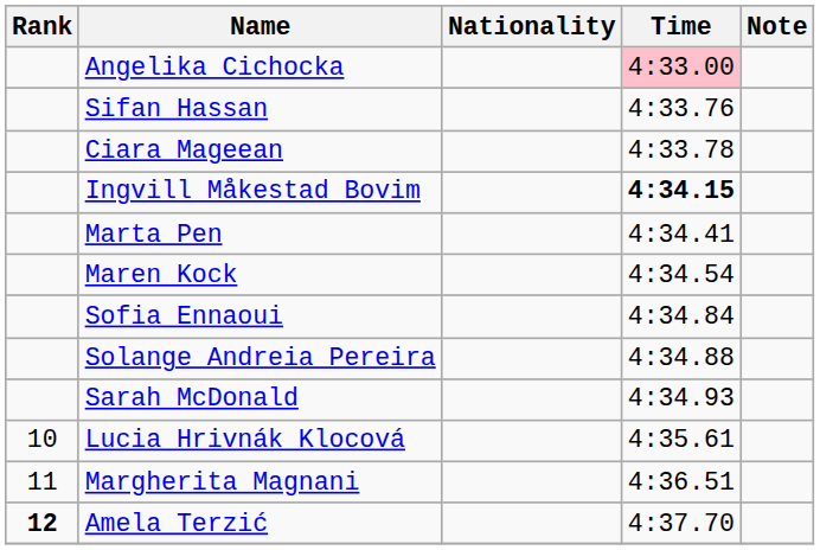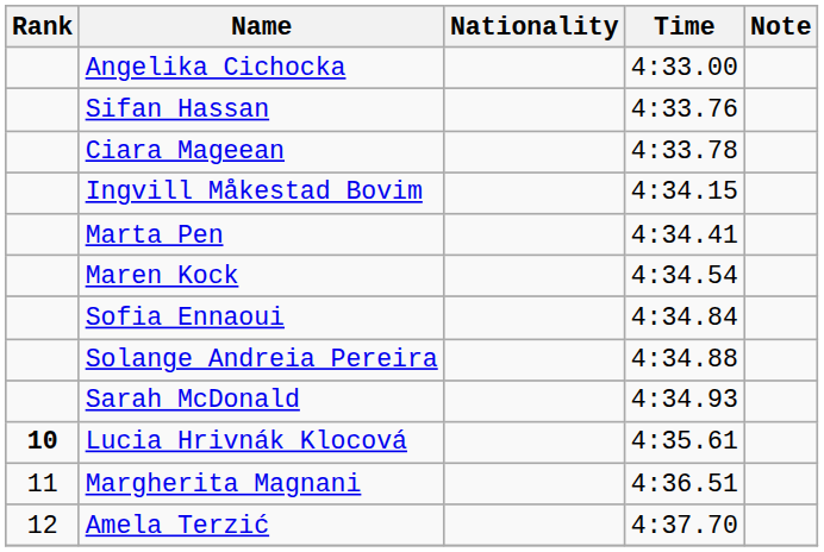 <table class="wikitable sortable" style="text-align:center">
 <tr>
 <th>Rank</th>
 <th>Name</th>
 <th>Nationality</th>
 <th>Time</th>
 <th>Note</th>
 </tr>
 <tr>
 <td></td>
 <td align=left><a href='#'>Angelika Cichocka</a></td>
 <td align=left></td>
-<td style="background: pink;">4:33.00</td>
+<td>4:33.00</td>
 <td></td>
 </tr>
 <tr>
 <td></td>
 <td align=left><a href='#'>Sifan Hassan</a></td>
 <td align=left></td>
 <td>4:33.76</td>
 <td></td>
 </tr>
 <tr>
 <td></td>
 <td align=left><a href='#'>Ciara Mageean</a></td>
 <td align=left></td>
 <td>4:33.78</td>
 <td></td>
 </tr>
 <tr>
 <td></td>
 <td align=left><a href='#'>Ingvill Måkestad Bovim</a></td>
 <td align=left></td>
-<td><strong>4:34.15</strong></td>
+<td>4:34.15</td>
 <td></td>
 </tr>
 <tr>
 <td></td>
 <td align=left><a href='#'>Marta Pen</a></td>
 <td align=left></td>
 <td>4:34.41</td>
 <td></td>
 </tr>
 <tr>
 <td></td>
 <td align=left><a href='#'>Maren Kock</a></td>
 <td align=left></td>
 <td>4:34.54</td>
 <td></td>
 </tr>
 <tr>
 <td></td>
 <td align=left><a href='#'>Sofia Ennaoui</a></td>
 <td align=left></td>
 <td>4:34.84</td>
 <td></td>
 </tr>
 <tr>
 <td></td>
 <td align=left><a href='#'>Solange Andreia Pereira</a></td>
 <td align=left></td>
 <td>4:34.88</td>
 <td></td>
 </tr>
 <tr>
 <td></td>
 <td align=left><a href='#'>Sarah McDonald</a></td>
 <td align=left></td>
 <td>4:34.93</td>
 <td></td>
 </tr>
 <tr>
-<td>10</td>
+<td><strong>10</strong></td>
 <td align=left><a href='#'>Lucia Hrivnák Klocová</a></td>
 <td align=left></td>
 <td>4:35.61</td>
 <td></td>
 </tr>
 <tr>
 <td>11</td>
 <td align=left><a href='#'>Margherita Magnani</a></td>
 <td align=left></td>
 <td>4:36.51</td>
 <td></td>
 </tr>
 <tr>
-<td><strong>12</strong></td>
+<td>12</td>
 <td align=left><a href='#'>Amela Terzić</a></td>
 <td align=left></td>
 <td>4:37.70</td>
 <td></td>
 </tr>
 <tr>
 </tr>
 </table>
